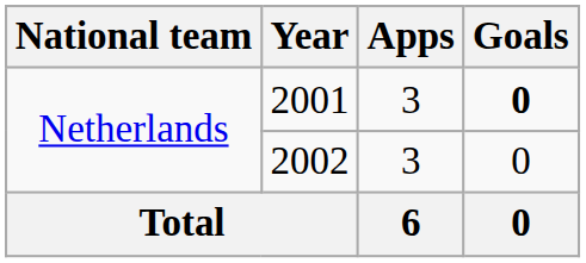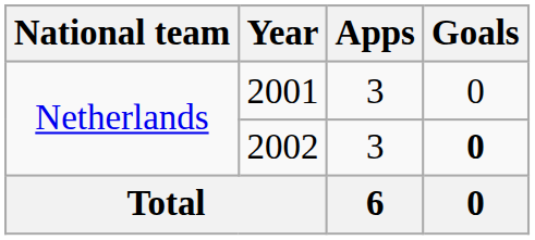 <table class="wikitable" style="text-align:center">
 <tr>
 <th>National team</th>
 <th>Year</th>
 <th>Apps</th>
 <th>Goals</th>
 </tr>
 <tr>
 <td rowspan="2"><a href='#'>Netherlands</a></td>
 <td>2001</td>
 <td>3</td>
-<td><strong>0</strong></td>
+<td>0</td>
 </tr>
 <tr>
 <td>2002</td>
 <td>3</td>
-<td>0</td>
+<td><strong>0</strong></td>
 </tr>
 <tr>
 <th colspan="2">Total</th>
 <th>6</th>
 <th>0</th>
 </tr>
 </table>
